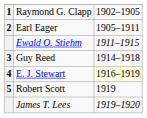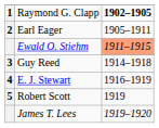 <table class=wikitable>
 <tr>
 </tr>
 <tr>
 <th>1</th>
 <td>Raymond G. Clapp</td>
-<td>1902–1905</td>
+<td><strong>1902–1905</strong></td>
 </tr>
 <tr>
 <th>2</th>
 <td>Earl Eager</td>
 <td>1905–1911</td>
 </tr>
 <tr>
 <th></th>
 <td><em><a href='#'>Ewald O. Stiehm</a></em></td>
-<td><em>1911–1915</em></td>
+<td style="background: lightsalmon;"><em>1911–1915</em></td>
 </tr>
 <tr>
 <th>3</th>
 <td>Guy Reed</td>
 <td>1914–1918</td>
 </tr>
 <tr>
 <th>4</th>
 <td><a href='#'>E. J. Stewart</a></td>
-<td style="background: lightyellow;">1916–1919</td>
+<td>1916–1919</td>
 </tr>
 <tr>
 <th>5</th>
 <td>Robert Scott</td>
 <td>1919</td>
 </tr>
 <tr>
 <th></th>
 <td><em>James T. Lees</em></td>
 <td><em>1919–1920</em></td>
 </tr>
 </table>
